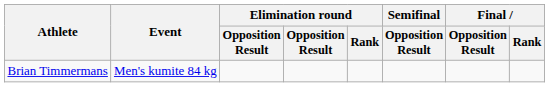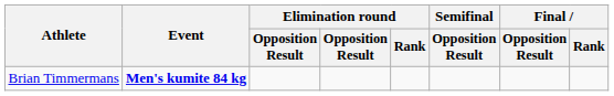 <table class=wikitable style=font-size:90%;text-align:center>
 <tr>
 <th rowspan=2>Athlete</th>
 <th rowspan=2>Event</th>
 <th colspan=3>Elimination round</th>
 <th>Semifinal</th>
 <th colspan=2>Final / </th>
 </tr>
 <tr style=font-size:95%>
 <th>Opposition<br>Result</th>
 <th>Opposition<br>Result</th>
 <th>Rank</th>
 <th>Opposition<br>Result</th>
 <th>Opposition<br>Result</th>
 <th>Rank</th>
 </tr>
 <tr>
 <td align=left><a href='#'>Brian Timmermans</a></td>
-<td align=left><a href='#'>Men's kumite 84 kg</a></td>
+<td align=left><strong><a href='#'>Men's kumite 84 kg</a></strong></td>
 <td></td>
 <td></td>
 <td></td>
 <td></td>
 <td></td>
 <td></td>
 </tr>
 </table>
